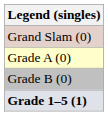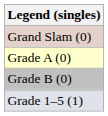 <table class=wikitable>
 <tr>
 <th>Legend (singles)</th>
 </tr>
 <tr style="background:#e5d1cb;">
 <td>Grand Slam (0)</td>
 </tr>
 <tr style="background:#ffc;">
 <td>Grade A (0)</td>
 </tr>
 <tr style="background:silver;">
 <td>Grade B (0)</td>
 </tr>
 <tr style="background:#dfe2e9;">
-<td><strong>Grade 1–5 (1)</strong></td>
+<td>Grade 1–5 (1)</td>
 </tr>
 </table>
